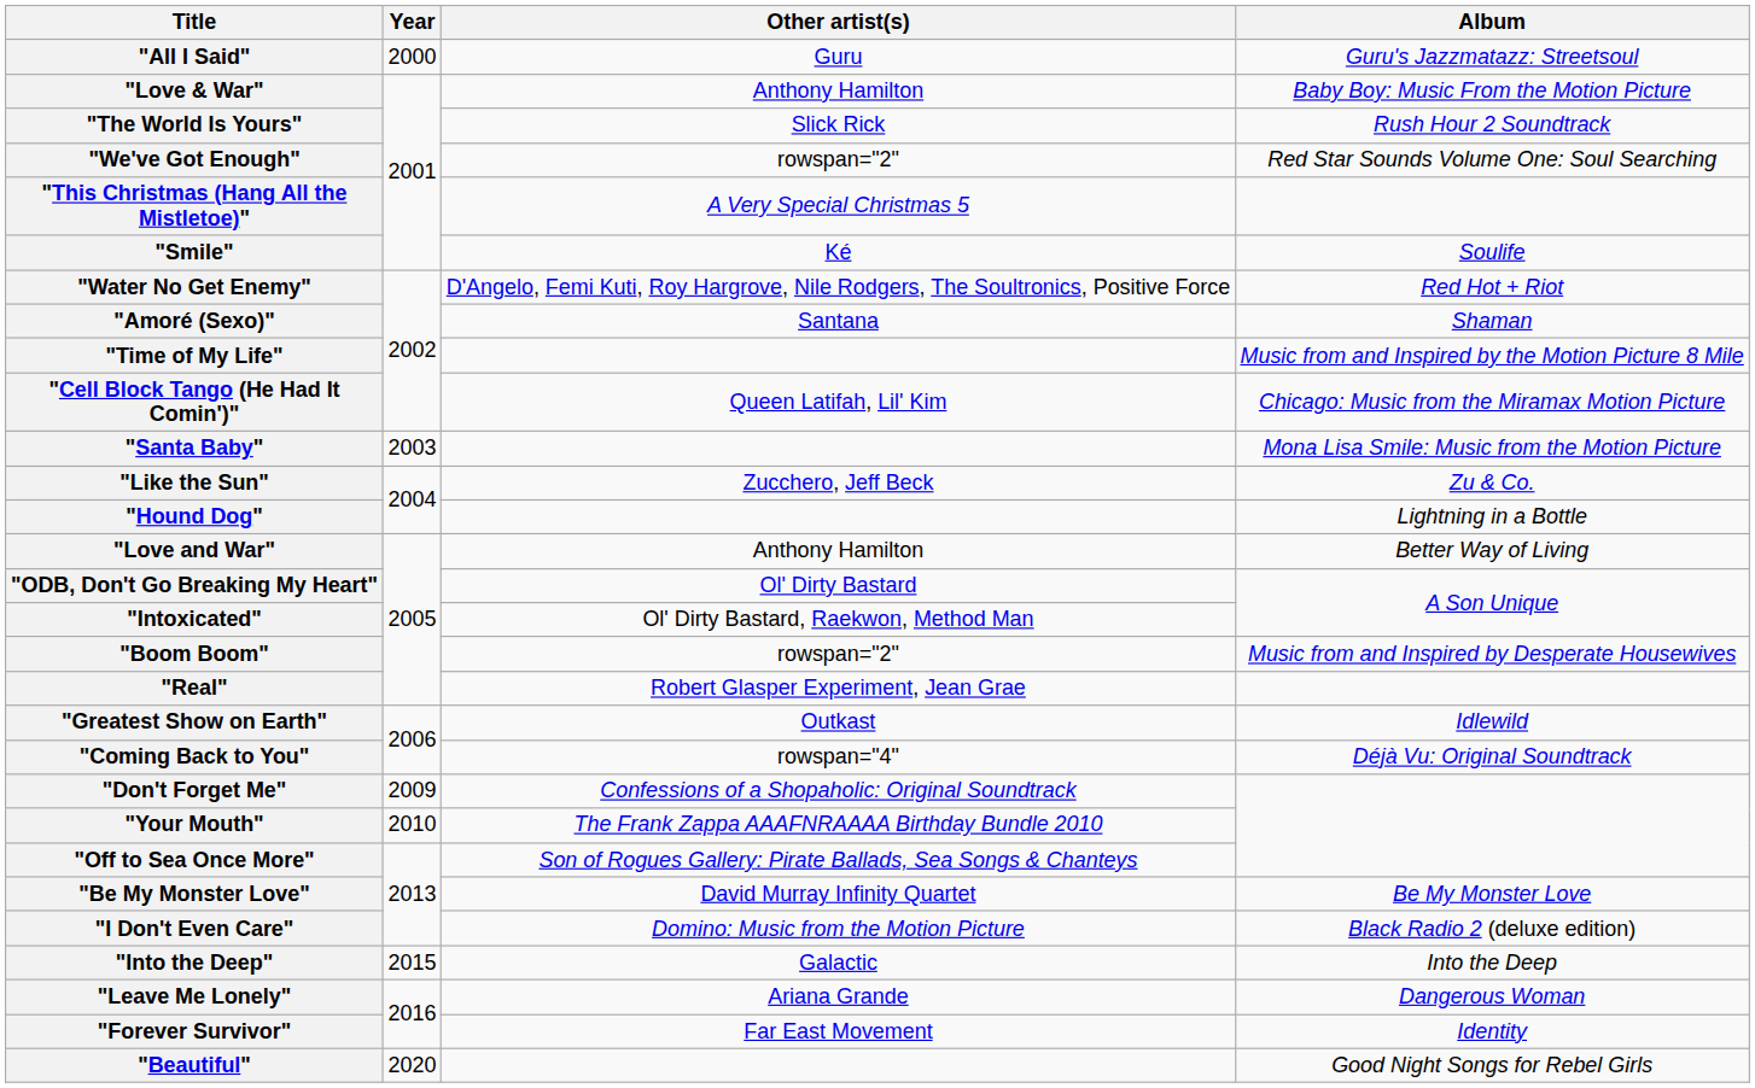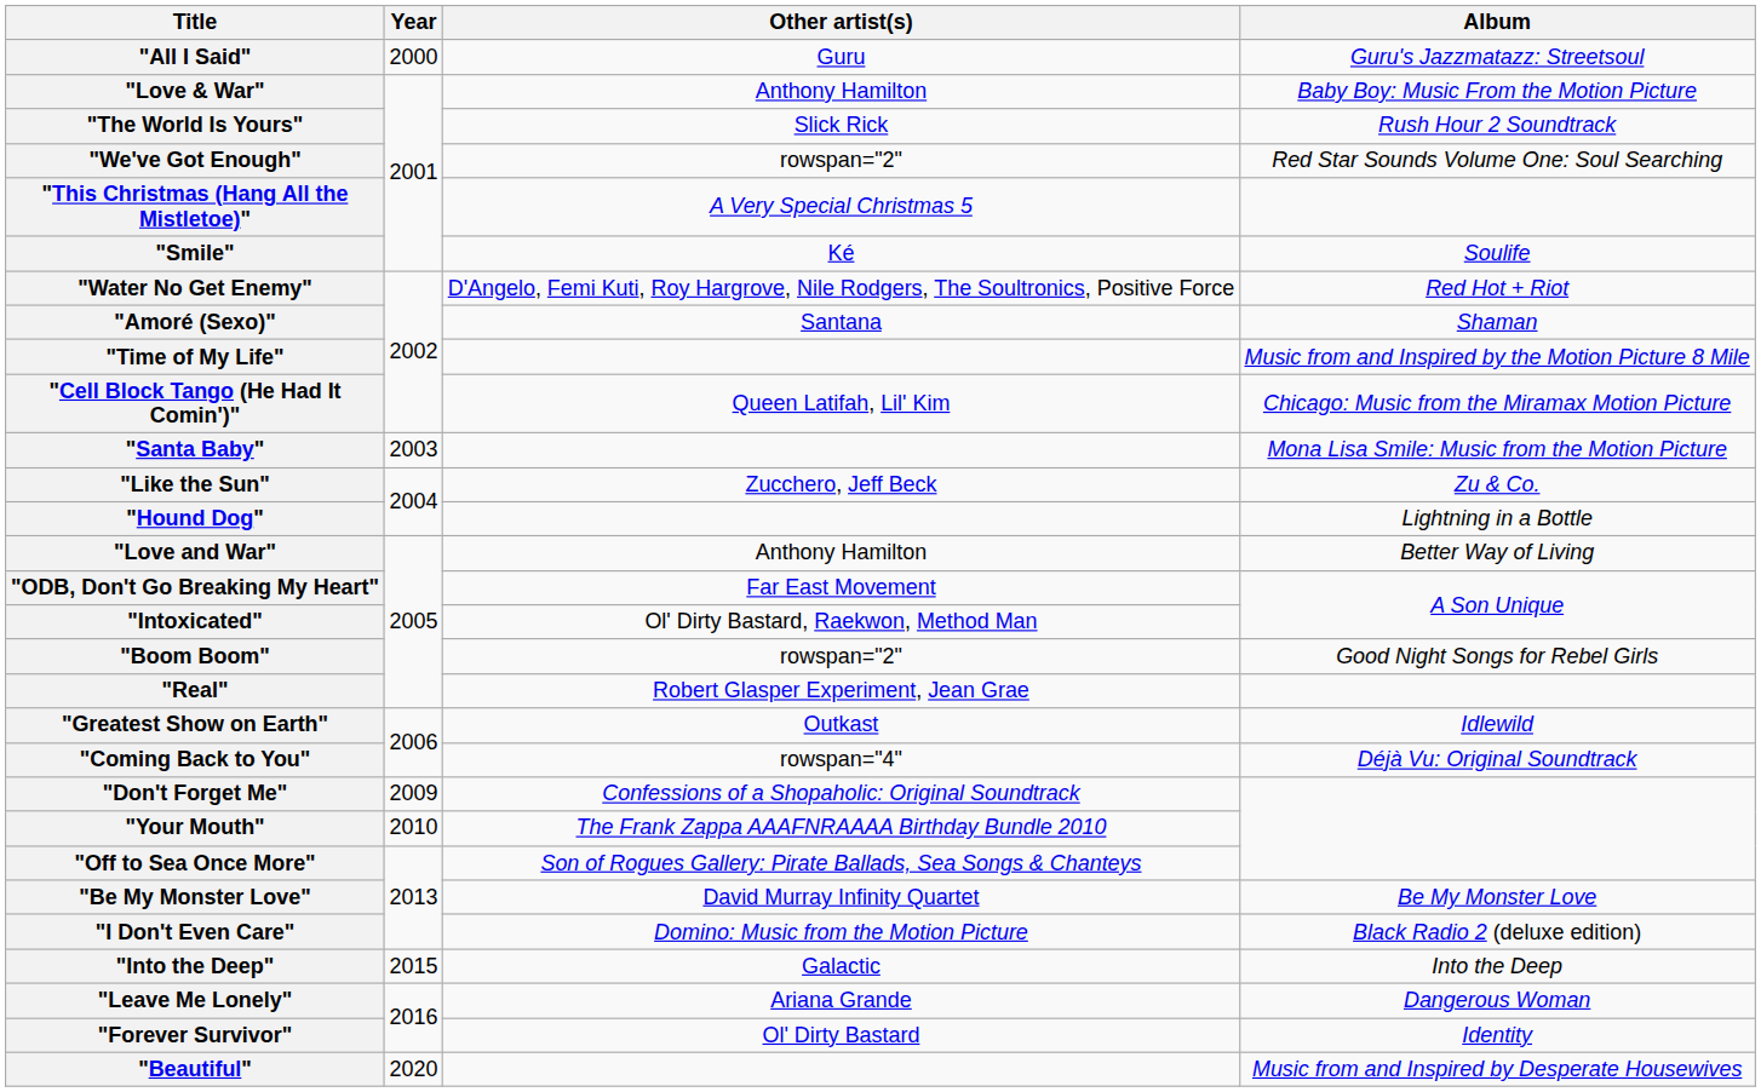 <table class="wikitable plainrowheaders" style="text-align:center;">
 <tr>
 <th scope="col" style="width:17em;">Title</th>
 <th scope="col">Year</th>
 <th scope="col">Other artist(s)</th>
 <th scope="col">Album</th>
 </tr>
 <tr>
 <th scope="row">"All I Said"</th>
 <td>2000</td>
 <td><a href='#'>Guru</a></td>
 <td><em><a href='#'>Guru's Jazzmatazz: Streetsoul</a></em></td>
 </tr>
 <tr>
 <th scope="row">"Love & War"</th>
 <td rowspan="5">2001</td>
 <td><a href='#'>Anthony Hamilton</a></td>
 <td><em><a href='#'>Baby Boy: Music From the Motion Picture</a></em></td>
 </tr>
 <tr>
 <th scope="row">"The World Is Yours"</th>
 <td><a href='#'>Slick Rick</a></td>
 <td><em><a href='#'>Rush Hour 2 Soundtrack</a></em></td>
 </tr>
 <tr>
 <th scope="row">"We've Got Enough"</th>
 <td>rowspan="2" </td>
 <td><em>Red Star Sounds Volume One: Soul Searching</em></td>
 </tr>
 <tr>
 <th scope="row">"<a href='#'>This Christmas (Hang All the Mistletoe)</a>"</th>
 <td><em><a href='#'>A Very Special Christmas 5</a></em></td>
 </tr>
 <tr>
 <th scope="row">"Smile"</th>
 <td><a href='#'>Ké</a></td>
 <td><em><a href='#'>Soulife</a></em></td>
 </tr>
 <tr>
 <th scope="row">"Water No Get Enemy"</th>
 <td rowspan="4">2002</td>
 <td><a href='#'>D'Angelo</a>, <a href='#'>Femi Kuti</a>, <a href='#'>Roy Hargrove</a>, <a href='#'>Nile Rodgers</a>, <a href='#'>The Soultronics</a>, Positive Force</td>
 <td><em><a href='#'>Red Hot + Riot</a></em></td>
 </tr>
 <tr>
 <th scope="row">"Amoré (Sexo)"</th>
 <td><a href='#'>Santana</a></td>
 <td><em><a href='#'>Shaman</a></em></td>
 </tr>
 <tr>
 <th scope="row">"Time of My Life"</th>
 <td></td>
 <td><em><a href='#'>Music from and Inspired by the Motion Picture 8 Mile</a></em></td>
 </tr>
 <tr>
 <th scope="row">"<a href='#'>Cell Block Tango</a> (He Had It Comin')"</th>
 <td><a href='#'>Queen Latifah</a>, <a href='#'>Lil' Kim</a></td>
 <td><em><a href='#'>Chicago: Music from the Miramax Motion Picture</a></em></td>
 </tr>
 <tr>
 <th scope="row">"<a href='#'>Santa Baby</a>"</th>
 <td>2003</td>
 <td></td>
 <td><em><a href='#'>Mona Lisa Smile: Music from the Motion Picture</a></em></td>
 </tr>
 <tr>
 <th scope="row">"Like the Sun"</th>
 <td rowspan="2">2004</td>
 <td><a href='#'>Zucchero</a>, <a href='#'>Jeff Beck</a></td>
 <td><em><a href='#'>Zu & Co.</a></em></td>
 </tr>
 <tr>
 <th scope="row">"<a href='#'>Hound Dog</a>"</th>
 <td></td>
 <td><em>Lightning in a Bottle</em></td>
 </tr>
 <tr>
 <th scope="row">"Love and War"</th>
 <td rowspan="5">2005</td>
 <td>Anthony Hamilton</td>
 <td><em>Better Way of Living</em></td>
 </tr>
 <tr>
 <th scope="row">"ODB, Don't Go Breaking My Heart"</th>
-<td><a href='#'>Ol' Dirty Bastard</a></td>
+<td><a href='#'>Far East Movement</a></td>
 <td rowspan="2"><em><a href='#'>A Son Unique</a></em></td>
 </tr>
 <tr>
 <th scope="row">"Intoxicated"</th>
 <td>Ol' Dirty Bastard, <a href='#'>Raekwon</a>, <a href='#'>Method Man</a></td>
 </tr>
 <tr>
 <th scope="row">"Boom Boom"</th>
 <td>rowspan="2" </td>
-<td><em><a href='#'>Music from and Inspired by Desperate Housewives</a></em></td>
+<td><em>Good Night Songs for Rebel Girls</em></td>
 </tr>
 <tr>
 <th scope="row">"Real"</th>
 <td><a href='#'>Robert Glasper Experiment</a>, <a href='#'>Jean Grae</a></td>
 </tr>
 <tr>
 <th scope="row">"Greatest Show on Earth"</th>
 <td rowspan="2">2006</td>
 <td><a href='#'>Outkast</a></td>
 <td><em><a href='#'>Idlewild</a></em></td>
 </tr>
 <tr>
 <th scope="row">"Coming Back to You"</th>
 <td>rowspan="4" </td>
 <td><em><a href='#'>Déjà Vu: Original Soundtrack</a></em></td>
 </tr>
 <tr>
 <th scope="row">"Don't Forget Me"</th>
 <td>2009</td>
 <td><em><a href='#'>Confessions of a Shopaholic: Original Soundtrack</a></em></td>
 </tr>
 <tr>
 <th scope="row">"Your Mouth"</th>
 <td>2010</td>
 <td><em><a href='#'>The Frank Zappa AAAFNRAAAA Birthday Bundle 2010</a></em></td>
 </tr>
 <tr>
 <th scope="row">"Off to Sea Once More"</th>
 <td rowspan="3">2013</td>
 <td><em><a href='#'>Son of Rogues Gallery: Pirate Ballads, Sea Songs & Chanteys</a></em></td>
 </tr>
 <tr>
 <th scope="row">"Be My Monster Love"</th>
 <td><a href='#'>David Murray Infinity Quartet</a></td>
 <td><em><a href='#'>Be My Monster Love</a></em></td>
 </tr>
 <tr>
 <th scope="row">"I Don't Even Care"</th>
 <td><em><a href='#'>Domino: Music from the Motion Picture</a></em></td>
 <td><em><a href='#'>Black Radio 2</a></em> (deluxe edition)</td>
 </tr>
 <tr>
 <th scope="row">"Into the Deep"</th>
 <td>2015</td>
 <td><a href='#'>Galactic</a></td>
 <td><em>Into the Deep</em></td>
 </tr>
 <tr>
 <th scope="row">"Leave Me Lonely"</th>
 <td rowspan="2">2016</td>
 <td><a href='#'>Ariana Grande</a></td>
 <td><em><a href='#'>Dangerous Woman</a></em></td>
 </tr>
 <tr>
 <th scope="row">"Forever Survivor"</th>
-<td><a href='#'>Far East Movement</a></td>
+<td><a href='#'>Ol' Dirty Bastard</a></td>
 <td><em><a href='#'>Identity</a></em></td>
 </tr>
 <tr>
 <th scope="row">"<a href='#'>Beautiful</a>"</th>
 <td>2020</td>
 <td></td>
-<td><em>Good Night Songs for Rebel Girls</em></td>
+<td><em><a href='#'>Music from and Inspired by Desperate Housewives</a></em></td>
 </tr>
 </table>
